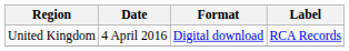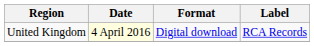 <table class=wikitable>
 <tr>
 <th>Region</th>
 <th>Date</th>
 <th>Format</th>
 <th>Label</th>
 </tr>
 <tr>
 <td>United Kingdom</td>
-<td>4 April 2016</td>
+<td style="background: lightyellow;">4 April 2016</td>
 <td><a href='#'>Digital download</a></td>
 <td><a href='#'>RCA Records</a></td>
 </tr>
 <tr>
 </tr>
 </table>
